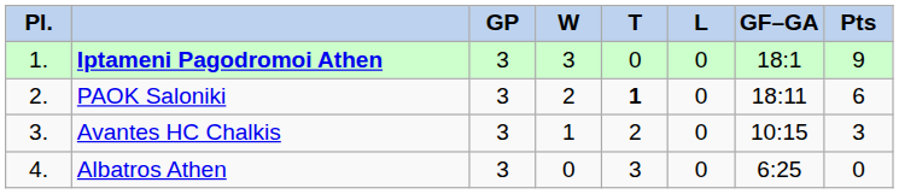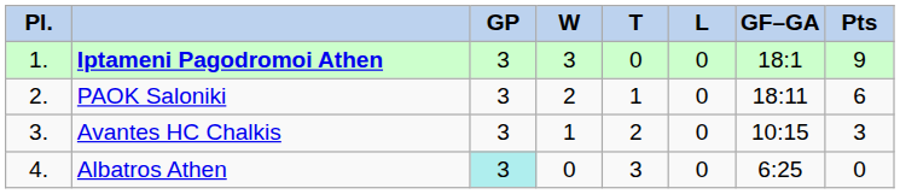 <table class="wikitable" width="70%">
 <tr style="font-weight:bold; background-color:#BCD2EE;" align="center" |>
 <td width="5%">Pl.</td>
 <td width="30%"></td>
 <td width="5%">GP</td>
 <td width="5%">W</td>
 <td width="5%">T</td>
 <td width="5%">L</td>
 <td width="5%">GF–GA</td>
 <td width="5%">Pts</td>
 </tr>
 <tr align="center" bgcolor="#CCFFCC">
 <td>1.</td>
 <td align="left"><strong><a href='#'>Iptameni Pagodromoi Athen</a></strong></td>
 <td>3</td>
 <td>3</td>
 <td>0</td>
 <td>0</td>
 <td>18:1</td>
 <td>9</td>
 </tr>
 <tr align="center">
 <td>2.</td>
 <td align="left"><a href='#'>PAOK Saloniki</a></td>
 <td>3</td>
 <td>2</td>
-<td><strong>1</strong></td>
+<td>1</td>
 <td>0</td>
 <td>18:11</td>
 <td>6</td>
 </tr>
 <tr align="center">
 <td>3.</td>
 <td align="left"><a href='#'>Avantes HC Chalkis</a></td>
 <td>3</td>
 <td>1</td>
 <td>2</td>
 <td>0</td>
 <td>10:15</td>
 <td>3</td>
 </tr>
 <tr align="center">
 <td>4.</td>
 <td align="left"><a href='#'>Albatros Athen</a></td>
-<td>3</td>
+<td style="background: paleturquoise;">3</td>
 <td>0</td>
 <td>3</td>
 <td>0</td>
 <td>6:25</td>
 <td>0</td>
 </tr>
 </table>
